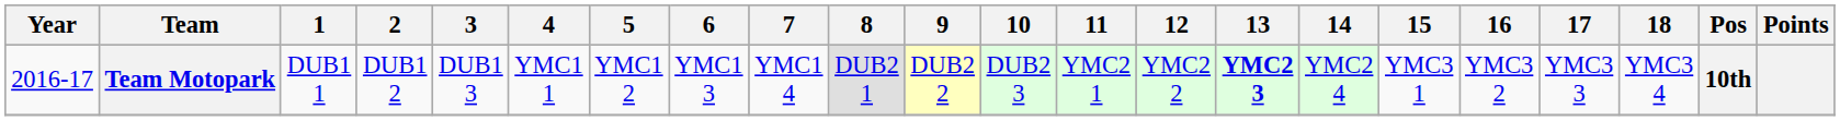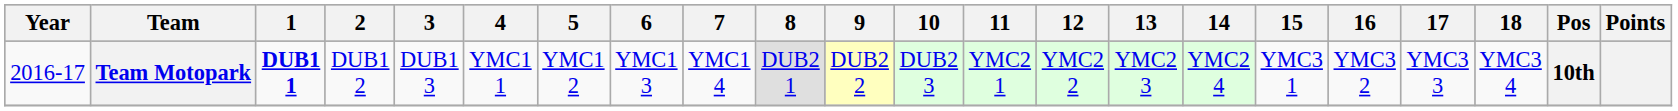 <table class="wikitable" style="text-align:center; font-size:85%">
 <tr>
 <th>Year</th>
 <th>Team</th>
 <th>1</th>
 <th>2</th>
 <th>3</th>
 <th>4</th>
 <th>5</th>
 <th>6</th>
 <th>7</th>
 <th>8</th>
 <th>9</th>
 <th>10</th>
 <th>11</th>
 <th>12</th>
 <th>13</th>
 <th>14</th>
 <th>15</th>
 <th>16</th>
 <th>17</th>
 <th>18</th>
 <th>Pos</th>
 <th>Points</th>
 </tr>
 <tr>
 <td nowrap><a href='#'>2016-17</a></td>
 <th nowrap><a href='#'>Team Motopark</a></th>
-<td><a href='#'>DUB1<br>1</a></td>
+<td><strong><a href='#'>DUB1<br>1</a></strong></td>
 <td><a href='#'>DUB1<br>2</a></td>
 <td><a href='#'>DUB1<br>3</a></td>
 <td><a href='#'>YMC1<br>1</a></td>
 <td><a href='#'>YMC1<br>2</a></td>
 <td><a href='#'>YMC1<br>3</a></td>
 <td><a href='#'>YMC1<br>4</a></td>
 <td style="background:#dfdfdf"><a href='#'>DUB2<br>1</a><br></td>
 <td style="background:#ffffbf"><a href='#'>DUB2<br>2</a><br></td>
 <td style="background:#dfffdf"><a href='#'>DUB2<br>3</a><br></td>
 <td style="background:#dfffdf"><a href='#'>YMC2<br>1</a><br></td>
 <td style="background:#dfffdf"><a href='#'>YMC2<br>2</a><br></td>
-<td style="background:#dfffdf"><strong><a href='#'>YMC2<br>3</a><br></strong></td>
+<td style="background:#dfffdf"><a href='#'>YMC2<br>3</a><br></td>
 <td style="background:#dfffdf"><a href='#'>YMC2<br>4</a><br></td>
 <td><a href='#'>YMC3<br>1</a></td>
 <td><a href='#'>YMC3<br>2</a></td>
 <td><a href='#'>YMC3<br>3</a></td>
 <td><a href='#'>YMC3<br>4</a></td>
 <th>10th</th>
 <th></th>
 </tr>
 <tr>
 </tr>
 </table>
